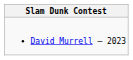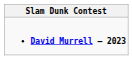 <table class=wikitable>
 <tr>
 <th>Slam Dunk Contest</th>
 </tr>
 <tr>
-<td valign="top"><br><ul><li><a href='#'>David Murrell</a> – 2023</li></ul></td>
+<td valign="top"><strong><br><ul><li><a href='#'>David Murrell</a> – 2023</li></ul></strong></td>
 </tr>
 </table>
